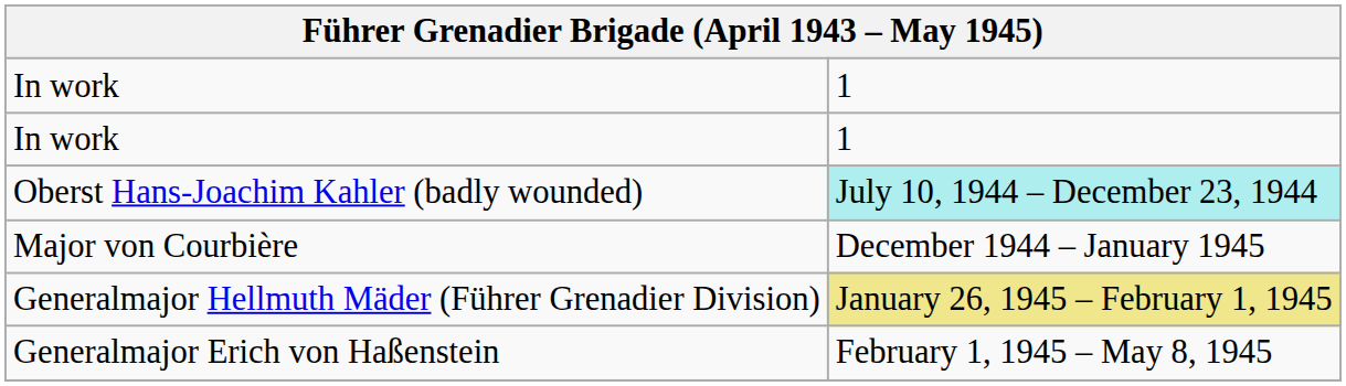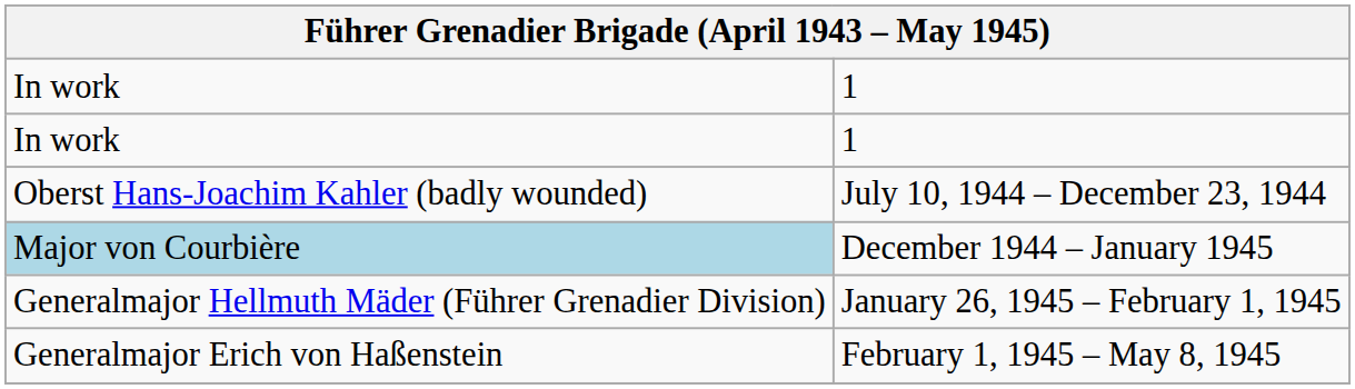 <table class="wikitable">
 <tr>
 <th colspan="3">Führer Grenadier Brigade (April 1943 – May 1945)</th>
 </tr>
 <tr>
 <td>In work</td>
 <td>1</td>
 </tr>
 <tr>
 <td>In work</td>
 <td>1</td>
 </tr>
 <tr>
 <td>Oberst <a href='#'>Hans-Joachim Kahler</a> (badly wounded)</td>
-<td style="background: paleturquoise;">July 10, 1944 – December 23, 1944</td>
+<td>July 10, 1944 – December 23, 1944</td>
 </tr>
 <tr>
-<td>Major von Courbière</td>
+<td style="background: lightblue;">Major von Courbière</td>
 <td>December 1944 – January 1945</td>
 </tr>
 <tr>
 <td>Generalmajor <a href='#'>Hellmuth Mäder</a> (Führer Grenadier Division)</td>
-<td style="background: khaki;">January 26, 1945 –  February 1, 1945</td>
+<td>January 26, 1945 –  February 1, 1945</td>
 </tr>
 <tr>
 <td>Generalmajor Erich von Haßenstein</td>
 <td>February 1, 1945 –  May 8, 1945</td>
 </tr>
 <tr>
 </tr>
 </table>
